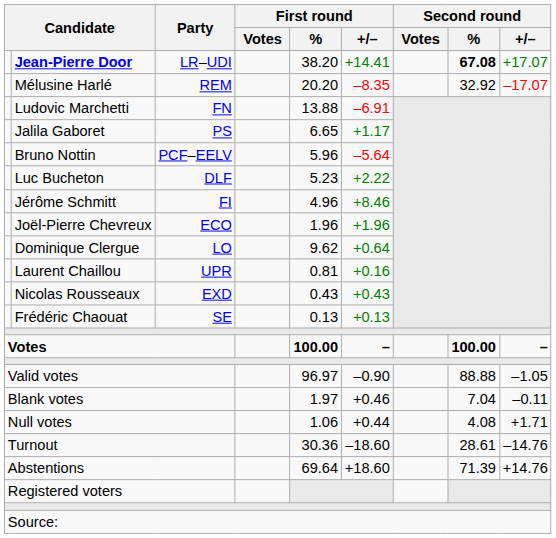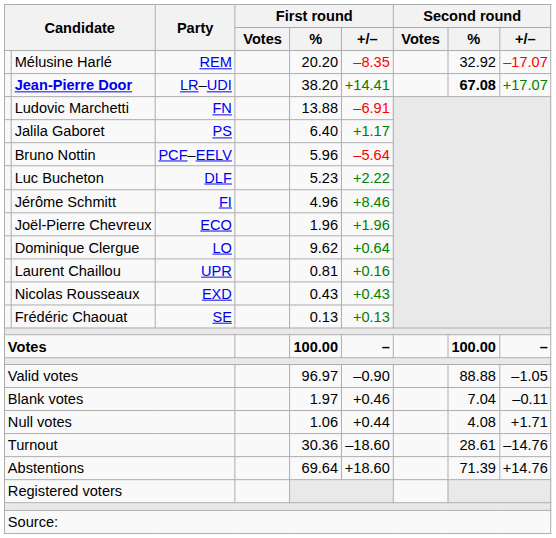 <table class="wikitable" style="text-align:right;font-size:95%;">
 <tr>
 <th rowspan="2" colspan="2">Candidate</th>
 <th rowspan="2">Party</th>
 <th colspan="3">First round</th>
 <th colspan="3">Second round</th>
 </tr>
 <tr>
 <th style="width:50px;">Votes</th>
 <th style="width:45px;">%</th>
 <th style="width:45px;">+/–</th>
 <th style="width:50px;">Votes</th>
 <th style="width:45px;">%</th>
 <th style="width:45px;">+/–</th>
 </tr>
 <tr>
 <td style="background:"></td>
+<td style="text-align:left;">Mélusine Harlé</td>
+<td><a href='#'>REM</a></td>
+<td></td>
+<td>20.20</td>
+<td style="color:red;">–8.35</td>
+<td></td>
+<td>32.92</td>
+<td style="color:red;">–17.07</td>
+</tr>
+<tr>
+<td style="background:"></td>
 <td style="text-align:left;"><strong><a href='#'>Jean-Pierre Door</a></strong></td>
 <td><a href='#'>LR</a>–<a href='#'>UDI</a></td>
 <td></td>
 <td>38.20</td>
 <td style="color:green;">+14.41</td>
 <td><strong></strong></td>
 <td><strong>67.08</strong></td>
 <td style="color:green;">+17.07</td>
-</tr>
-<tr>
-<td style="background:"></td>
-<td style="text-align:left;">Mélusine Harlé</td>
-<td><a href='#'>REM</a></td>
-<td></td>
-<td>20.20</td>
-<td style="color:red;">–8.35</td>
-<td></td>
-<td>32.92</td>
-<td style="color:red;">–17.07</td>
 </tr>
 <tr>
 <td style="background:"></td>
 <td style="text-align:left;">Ludovic Marchetti</td>
 <td><a href='#'>FN</a></td>
 <td></td>
 <td>13.88</td>
 <td style="color:red;">–6.91</td>
 <td colspan="3" rowspan="10" style="background:#E9E9E9;"></td>
 </tr>
 <tr>
 <td style="background:"></td>
 <td style="text-align:left;">Jalila Gaboret</td>
 <td><a href='#'>PS</a></td>
 <td></td>
-<td>6.65</td>
+<td>6.40</td>
 <td style="color:green;">+1.17</td>
 </tr>
 <tr>
 <td style="background:"></td>
 <td style="text-align:left;">Bruno Nottin</td>
 <td><a href='#'>PCF</a>–<a href='#'>EELV</a></td>
 <td></td>
 <td>5.96</td>
 <td style="color:red;">–5.64</td>
 </tr>
 <tr>
 <td style="background:"></td>
 <td style="text-align:left;">Luc Bucheton</td>
 <td><a href='#'>DLF</a></td>
 <td></td>
 <td>5.23</td>
 <td style="color:green;">+2.22</td>
 </tr>
 <tr>
 <td style="background:"></td>
 <td style="text-align:left;">Jérôme Schmitt</td>
 <td><a href='#'>FI</a></td>
 <td></td>
 <td>4.96</td>
 <td style="color:green;">+8.46</td>
 </tr>
 <tr>
 <td style="background:"></td>
 <td style="text-align:left;">Joël-Pierre Chevreux</td>
 <td><a href='#'>ECO</a></td>
 <td></td>
 <td>1.96</td>
 <td style="color:green;">+1.96</td>
 </tr>
 <tr>
 <td style="background:"></td>
 <td style="text-align:left;">Dominique Clergue</td>
 <td><a href='#'>LO</a></td>
 <td></td>
 <td>9.62</td>
 <td style="color:green;">+0.64</td>
 </tr>
 <tr>
 <td style="background:"></td>
 <td style="text-align:left;">Laurent Chaillou</td>
 <td><a href='#'>UPR</a></td>
 <td></td>
 <td>0.81</td>
 <td style="color:green;">+0.16</td>
 </tr>
 <tr>
 <td style="background:"></td>
 <td style="text-align:left;">Nicolas Rousseaux</td>
 <td><a href='#'>EXD</a></td>
 <td></td>
 <td>0.43</td>
 <td style="color:green;">+0.43</td>
 </tr>
 <tr>
 <td style="background:"></td>
 <td style="text-align:left;">Frédéric Chaouat</td>
 <td><a href='#'>SE</a></td>
 <td></td>
 <td>0.13</td>
 <td style="color:green;">+0.13</td>
 </tr>
 <tr>
 <td colspan="9" style="background:#E9E9E9;"></td>
 </tr>
 <tr style="font-weight:bold;">
 <td colspan="3" style="text-align:left;">Votes</td>
 <td></td>
 <td>100.00</td>
 <td>–</td>
 <td></td>
 <td>100.00</td>
 <td>–</td>
 </tr>
 <tr>
 <td colspan="9" style="background:#E9E9E9;"></td>
 </tr>
 <tr>
 <td colspan="3" style="text-align:left;">Valid votes</td>
 <td></td>
 <td>96.97</td>
 <td>–0.90</td>
 <td></td>
 <td>88.88</td>
 <td>–1.05</td>
 </tr>
 <tr>
 <td colspan="3" style="text-align:left;">Blank votes</td>
 <td></td>
 <td>1.97</td>
 <td>+0.46</td>
 <td></td>
 <td>7.04</td>
 <td>–0.11</td>
 </tr>
 <tr>
 <td colspan="3" style="text-align:left;">Null votes</td>
 <td></td>
 <td>1.06</td>
 <td>+0.44</td>
 <td></td>
 <td>4.08</td>
 <td>+1.71</td>
 </tr>
 <tr>
 <td colspan="3" style="text-align:left;">Turnout</td>
 <td></td>
 <td>30.36</td>
 <td>–18.60</td>
 <td></td>
 <td>28.61</td>
 <td>–14.76</td>
 </tr>
 <tr>
 <td colspan="3" style="text-align:left;">Abstentions</td>
 <td></td>
 <td>69.64</td>
 <td>+18.60</td>
 <td></td>
 <td>71.39</td>
 <td>+14.76</td>
 </tr>
 <tr>
 <td colspan="3" style="text-align:left;">Registered voters</td>
 <td></td>
 <td colspan="2" style="background:#E9E9E9;"></td>
 <td></td>
 <td colspan="2" style="background:#E9E9E9;"></td>
 </tr>
 <tr>
 <td colspan="9" style="background:#E9E9E9;"></td>
 </tr>
 <tr>
 <td colspan="9" style="text-align:left;">Source: </td>
 </tr>
 </table>
